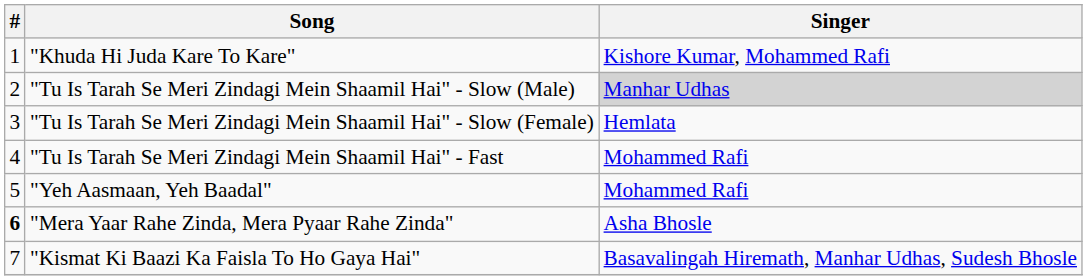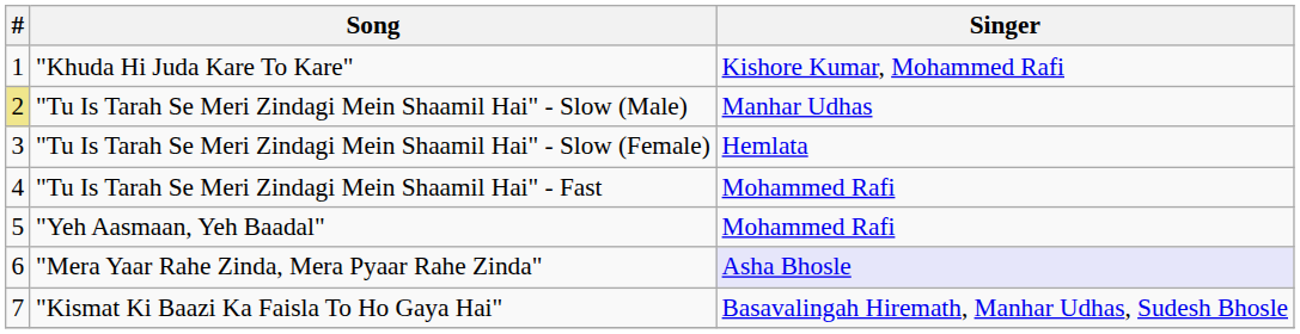 <table class="wikitable">
 <tr>
 <th>#</th>
 <th>Song</th>
 <th>Singer</th>
 </tr>
 <tr>
 <td>1</td>
 <td>"Khuda Hi Juda Kare To Kare"</td>
 <td><a href='#'>Kishore Kumar</a>, <a href='#'>Mohammed Rafi</a></td>
 </tr>
 <tr>
-<td>2</td>
+<td style="background: khaki;">2</td>
 <td>"Tu Is Tarah Se Meri Zindagi Mein Shaamil Hai" - Slow (Male)</td>
-<td style="background: lightgrey;"><a href='#'>Manhar Udhas</a></td>
+<td><a href='#'>Manhar Udhas</a></td>
 </tr>
 <tr>
 <td>3</td>
 <td>"Tu Is Tarah Se Meri Zindagi Mein Shaamil Hai" - Slow (Female)</td>
 <td><a href='#'>Hemlata</a></td>
 </tr>
 <tr>
 <td>4</td>
 <td>"Tu Is Tarah Se Meri Zindagi Mein Shaamil Hai" - Fast</td>
 <td><a href='#'>Mohammed Rafi</a></td>
 </tr>
 <tr>
 <td>5</td>
 <td>"Yeh Aasmaan, Yeh Baadal"</td>
 <td><a href='#'>Mohammed Rafi</a></td>
 </tr>
 <tr>
-<td><strong>6</strong></td>
+<td>6</td>
 <td>"Mera Yaar Rahe Zinda, Mera Pyaar Rahe Zinda"</td>
-<td><a href='#'>Asha Bhosle</a></td>
+<td style="background: lavender;"><a href='#'>Asha Bhosle</a></td>
 </tr>
 <tr>
 <td>7</td>
 <td>"Kismat Ki Baazi Ka Faisla To Ho Gaya Hai"</td>
 <td><a href='#'>Basavalingah Hiremath</a>, <a href='#'>Manhar Udhas</a>, <a href='#'>Sudesh Bhosle</a></td>
 </tr>
 <tr>
 </tr>
 </table>
